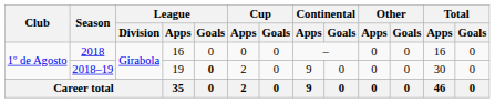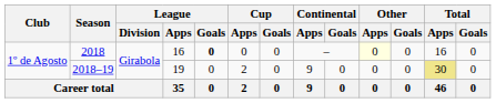 <table class="wikitable" style="text-align: center">
 <tr>
 <th rowspan="2">Club</th>
 <th rowspan="2">Season</th>
 <th colspan="3">League</th>
 <th colspan="2">Cup</th>
 <th colspan="2">Continental</th>
 <th colspan="2">Other</th>
 <th colspan="2">Total</th>
 </tr>
 <tr>
 <th>Division</th>
 <th>Apps</th>
 <th>Goals</th>
 <th>Apps</th>
 <th>Goals</th>
 <th>Apps</th>
 <th>Goals</th>
 <th>Apps</th>
 <th>Goals</th>
 <th>Apps</th>
 <th>Goals</th>
 </tr>
 <tr>
 <td rowspan="2"><a href='#'>1º de Agosto</a></td>
 <td><a href='#'>2018</a></td>
 <td rowspan="2"><a href='#'>Girabola</a></td>
 <td>16</td>
-<td>0</td>
+<td><strong>0</strong></td>
 <td>0</td>
 <td>0</td>
 <td colspan="2">–</td>
-<td>0</td>
+<td style="background: lightyellow;">0</td>
 <td>0</td>
 <td>16</td>
 <td>0</td>
 </tr>
 <tr>
 <td><a href='#'>2018–19</a></td>
 <td>19</td>
-<td><strong>0</strong></td>
+<td>0</td>
 <td>2</td>
 <td>0</td>
 <td>9</td>
 <td>0</td>
 <td>0</td>
 <td>0</td>
-<td>30</td>
+<td style="background: khaki;">30</td>
 <td>0</td>
 </tr>
 <tr>
 <th colspan="3"><strong>Career total</strong></th>
 <th>35</th>
 <th>0</th>
 <th>2</th>
 <th>0</th>
 <th>9</th>
 <th>0</th>
 <th>0</th>
 <th>0</th>
 <th>46</th>
 <th>0</th>
 </tr>
 </table>
